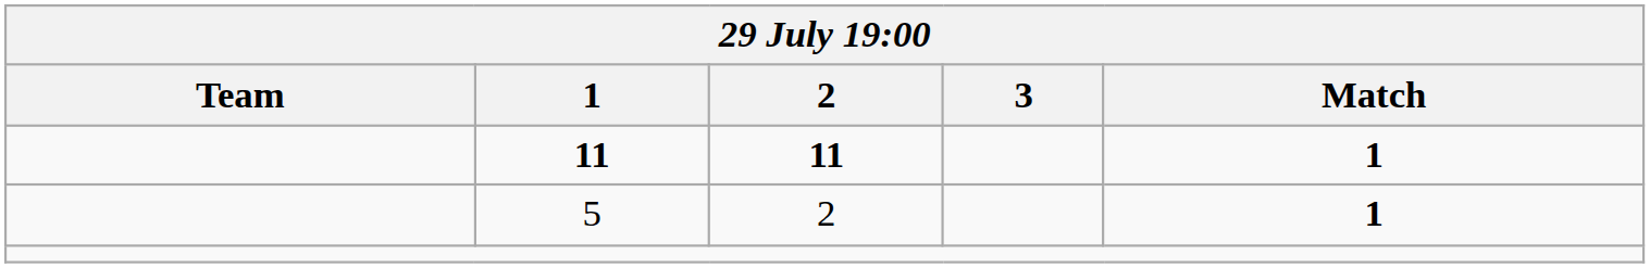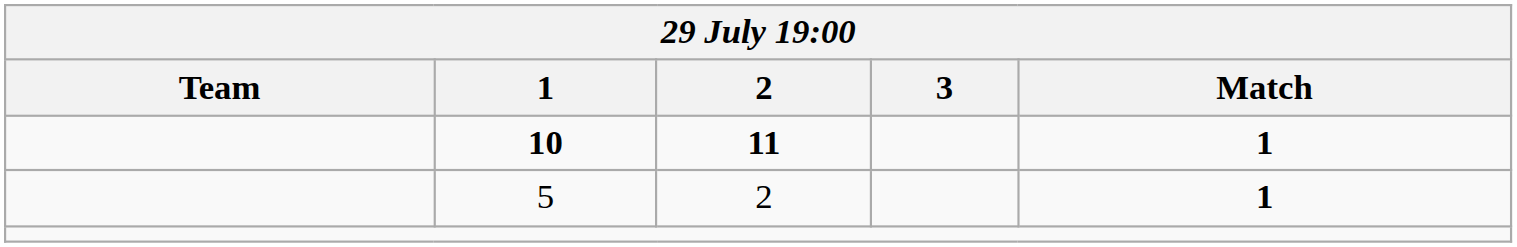 <table class=wikitable style="text-align:center; width: 55%">
 <tr>
 <th colspan=10><em>29 July 19:00</em></th>
 </tr>
 <tr>
 <th>Team</th>
 <th>1</th>
 <th>2</th>
 <th>3</th>
 <th>Match</th>
 </tr>
 <tr>
 <td align=left><strong><br></strong></td>
-<td><strong>11</strong></td>
+<td><strong>10</strong></td>
 <td><strong>11</strong></td>
 <td></td>
 <td><strong>1</strong></td>
 </tr>
 <tr>
 <td align=left><br></td>
 <td>5</td>
 <td>2</td>
 <td></td>
 <td><strong>1</strong></td>
 </tr>
 <tr>
 <td colspan=10></td>
 </tr>
 </table>
